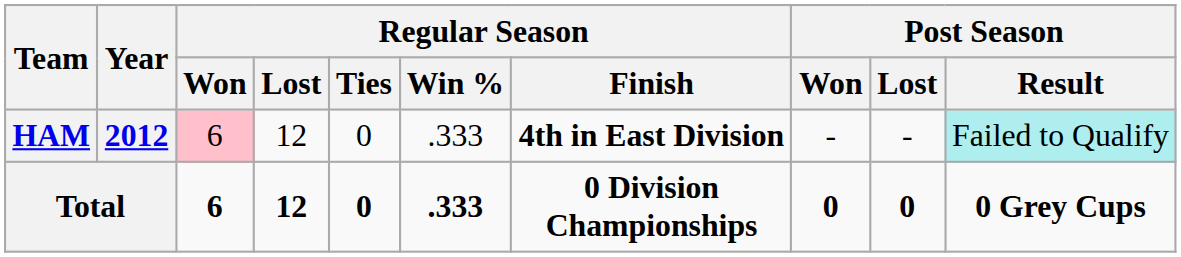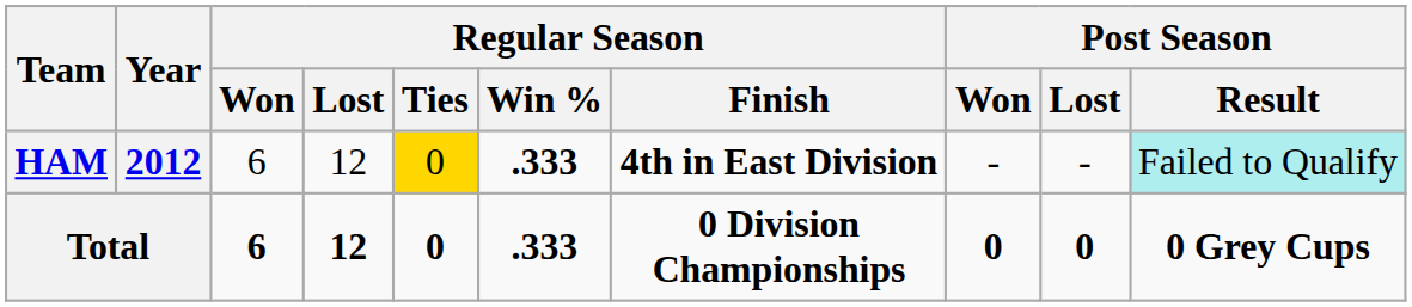 <table class="wikitable" style="font-size: 95%; text-align:center;">
 <tr>
 <th rowspan="2">Team</th>
 <th rowspan="2">Year</th>
 <th colspan="5">Regular Season</th>
 <th colspan="4">Post Season</th>
 </tr>
 <tr>
 <th>Won</th>
 <th>Lost</th>
 <th>Ties</th>
 <th>Win %</th>
 <th>Finish</th>
 <th>Won</th>
 <th>Lost</th>
 <th>Result</th>
 </tr>
 <tr>
 <th><a href='#'>HAM</a></th>
 <th><a href='#'>2012</a></th>
-<td style="background: pink;">6</td>
+<td>6</td>
 <td>12</td>
-<td>0</td>
-<td>.333</td>
+<td style="background: gold;">0</td>
+<td><strong>.333</strong></td>
 <td><strong>4th in East Division</strong></td>
 <td>-</td>
 <td>-</td>
 <td style="background: paleturquoise;">Failed to Qualify</td>
 </tr>
 <tr>
 <th colspan="2"><strong>Total</strong></th>
 <td><strong>6</strong></td>
 <td><strong>12</strong></td>
 <td><strong>0</strong></td>
 <td><strong>.333</strong></td>
 <td><strong>0 Division<br>Championships</strong></td>
 <td><strong>0</strong></td>
 <td><strong>0</strong></td>
 <td><strong>0 Grey Cups</strong></td>
 </tr>
 </table>
